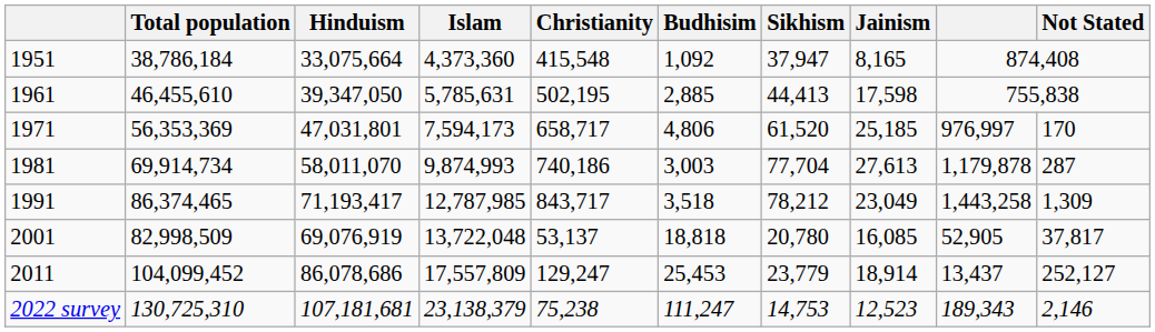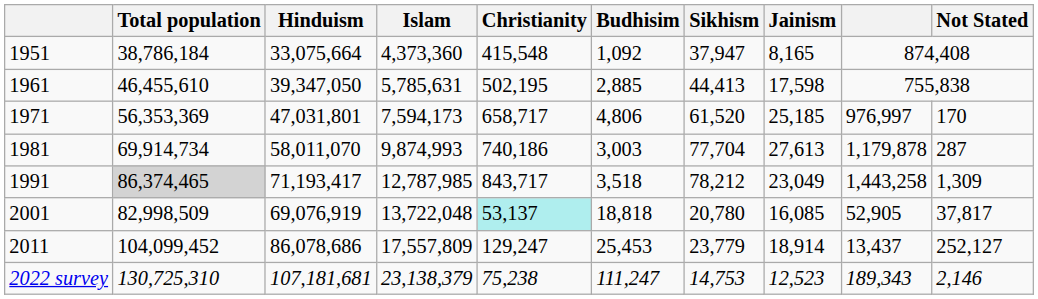 <table class="wikitable defaultright col1center hover-highlight">
 <tr>
 <th></th>
 <th>Total population</th>
 <th>Hinduism</th>
 <th>Islam</th>
 <th>Christianity</th>
 <th>Budhisim</th>
 <th>Sikhism</th>
 <th>Jainism</th>
 <th></th>
 <th>Not Stated</th>
 </tr>
 <tr>
 <td>1951</td>
 <td>38,786,184</td>
 <td>33,075,664</td>
 <td>4,373,360</td>
 <td>415,548</td>
 <td>1,092</td>
 <td>37,947</td>
 <td>8,165</td>
 <td colspan="2" style="text-align:center">874,408</td>
 </tr>
 <tr>
 <td>1961</td>
 <td>46,455,610</td>
 <td>39,347,050</td>
 <td>5,785,631</td>
 <td>502,195</td>
 <td>2,885</td>
 <td>44,413</td>
 <td>17,598</td>
 <td colspan="2" style="text-align:center">755,838</td>
 </tr>
 <tr>
 <td>1971</td>
 <td>56,353,369</td>
 <td>47,031,801</td>
 <td>7,594,173</td>
 <td>658,717</td>
 <td>4,806</td>
 <td>61,520</td>
 <td>25,185</td>
 <td>976,997</td>
 <td>170</td>
 </tr>
 <tr>
 <td>1981</td>
 <td>69,914,734</td>
 <td>58,011,070</td>
 <td>9,874,993</td>
 <td>740,186</td>
 <td>3,003</td>
 <td>77,704</td>
 <td>27,613</td>
 <td>1,179,878</td>
 <td>287</td>
 </tr>
 <tr>
 <td>1991</td>
-<td>86,374,465</td>
+<td style="background: lightgrey;">86,374,465</td>
 <td>71,193,417</td>
 <td>12,787,985</td>
 <td>843,717</td>
 <td>3,518</td>
 <td>78,212</td>
 <td>23,049</td>
 <td>1,443,258</td>
 <td>1,309</td>
 </tr>
 <tr>
 <td>2001</td>
 <td>82,998,509</td>
 <td>69,076,919</td>
 <td>13,722,048</td>
-<td>53,137</td>
+<td style="background: paleturquoise;">53,137</td>
 <td>18,818</td>
 <td>20,780</td>
 <td>16,085</td>
 <td>52,905</td>
 <td>37,817</td>
 </tr>
 <tr>
 <td>2011</td>
 <td>104,099,452</td>
 <td>86,078,686</td>
 <td>17,557,809</td>
 <td>129,247</td>
 <td>25,453</td>
 <td>23,779</td>
 <td>18,914</td>
 <td>13,437</td>
 <td>252,127</td>
 </tr>
 <tr>
 <td><a href='#'><em>2022 survey</em></a></td>
 <td><em>130,725,310</em></td>
 <td><em>107,181,681</em></td>
 <td><em>23,138,379</em></td>
 <td><em>75,238</em></td>
 <td><em>111,247</em></td>
 <td><em>14,753</em></td>
 <td><em>12,523</em></td>
 <td><em>189,343</em></td>
 <td><em>2,146</em></td>
 </tr>
 </table>
